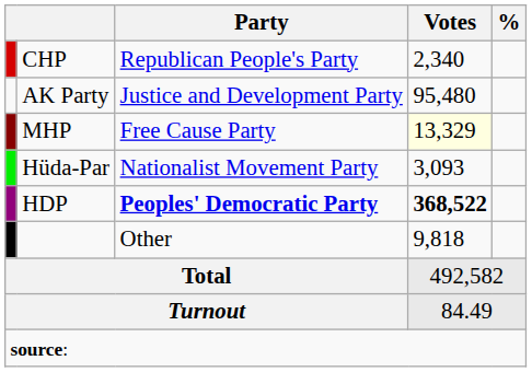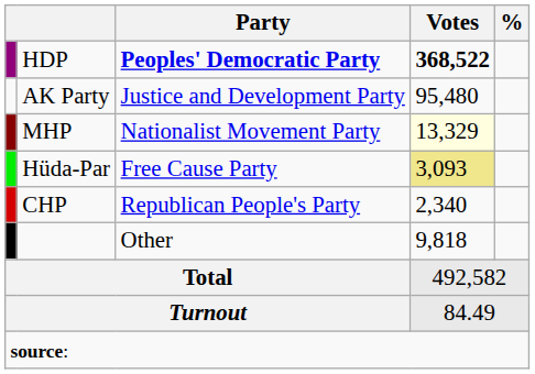 <table class="wikitable">
 <tr>
 <th colspan="2" align="center"></th>
 <th align="center">Party</th>
 <th align="center">Votes</th>
 <th align="center">%</th>
 </tr>
 <tr align="left">
-<td bgcolor="#d50000" width="1"></td>
-<td>CHP</td>
-<td><a href='#'>Republican People's Party</a></td>
-<td>2,340</td>
-<td></td>
+<td bgcolor="#91007B" width="1"></td>
+<td>HDP</td>
+<td><strong><a href='#'>Peoples' Democratic Party</a></strong></td>
+<td><strong>368,522</strong></td>
+<td><strong></strong></td>
 </tr>
 <tr align="left">
 <td></td>
 <td>AK Party</td>
 <td><a href='#'>Justice and Development Party</a></td>
 <td>95,480</td>
 <td></td>
 </tr>
 <tr align="left">
 <td bgcolor="#870000" width="1"></td>
 <td>MHP</td>
-<td><a href='#'>Free Cause Party</a></td>
+<td><a href='#'>Nationalist Movement Party</a></td>
 <td style="background: lightyellow;">13,329</td>
 <td></td>
 </tr>
 <tr align="left">
 <td bgcolor="#green" width="1"></td>
 <td>Hüda-Par</td>
-<td><a href='#'>Nationalist Movement Party</a></td>
-<td>3,093</td>
+<td><a href='#'>Free Cause Party</a></td>
+<td style="background: khaki;">3,093</td>
 <td></td>
 </tr>
 <tr align="left">
-<td bgcolor="#91007B" width="1"></td>
-<td>HDP</td>
-<td><strong><a href='#'>Peoples' Democratic Party</a></strong></td>
-<td><strong>368,522</strong></td>
-<td><strong></strong></td>
+<td bgcolor="#d50000" width="1"></td>
+<td>CHP</td>
+<td><a href='#'>Republican People's Party</a></td>
+<td>2,340</td>
+<td></td>
 </tr>
 <tr align="left">
 <td bgcolor=" " width="1"></td>
 <td></td>
 <td>Other</td>
 <td>9,818</td>
 <td></td>
 </tr>
 <tr align="left" style="background-color:#E9E9E9">
 <th colspan="3" align="center"><strong>Total</strong></th>
 <td colspan="2" align="center">492,582</td>
 </tr>
 <tr align="left" style="background-color:#E9E9E9">
 <th colspan="3" align="center"><em>Turnout</em></th>
 <td colspan="2" align="center">84.49</td>
 </tr>
 <tr>
 <td colspan="5" align="left"><small><strong>source</strong>: </small></td>
 </tr>
 </table>
